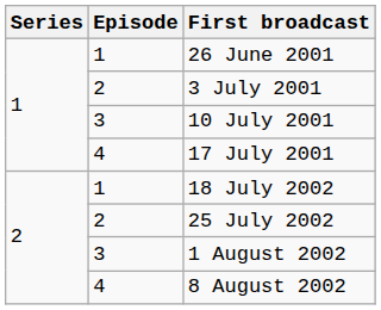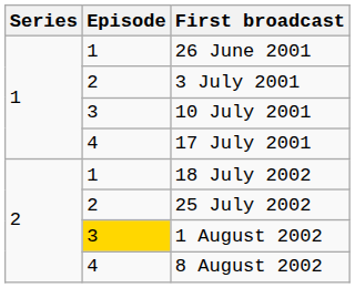 <table class="wikitable">
 <tr>
 <th>Series</th>
 <th>Episode</th>
 <th>First broadcast</th>
 </tr>
 <tr>
 <td rowspan="4">1</td>
 <td>1</td>
 <td>26 June 2001</td>
 </tr>
 <tr>
 <td>2</td>
 <td>3 July 2001</td>
 </tr>
 <tr>
 <td>3</td>
 <td>10 July 2001</td>
 </tr>
 <tr>
 <td>4</td>
 <td>17 July 2001</td>
 </tr>
 <tr>
 <td rowspan="4">2</td>
 <td>1</td>
 <td>18 July 2002</td>
 </tr>
 <tr>
 <td>2</td>
 <td>25 July 2002</td>
 </tr>
 <tr>
-<td>3</td>
+<td style="background: gold;">3</td>
 <td>1 August 2002</td>
 </tr>
 <tr>
 <td>4</td>
 <td>8 August 2002</td>
 </tr>
 </table>
